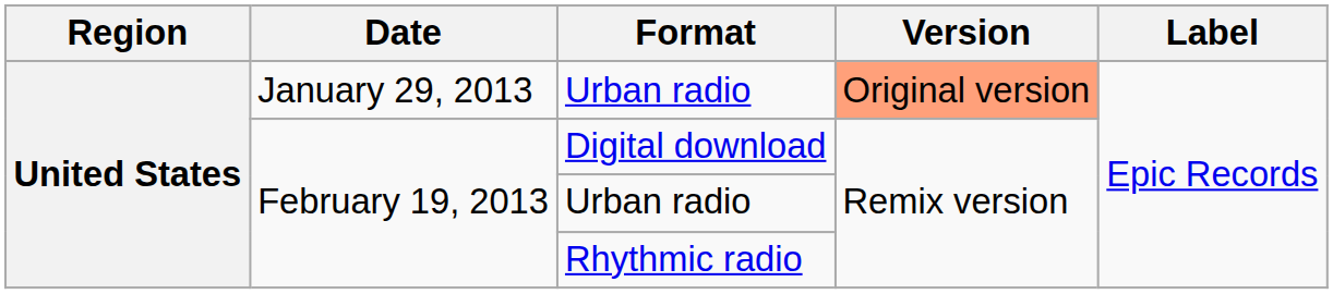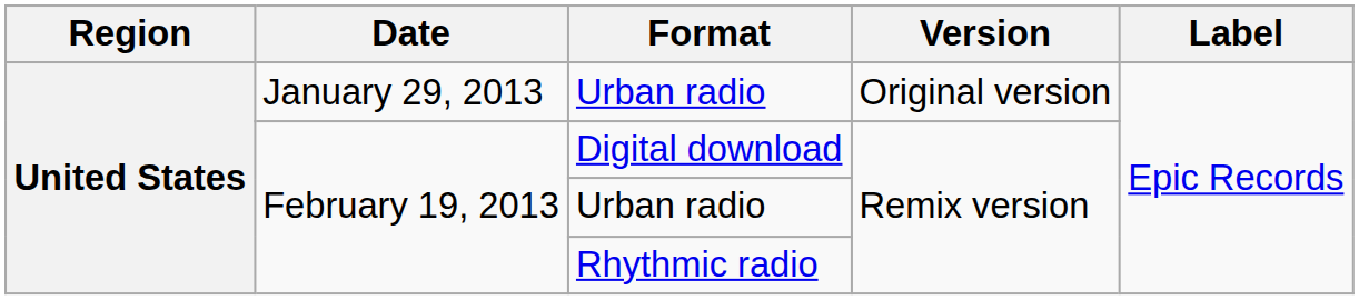 <table class="wikitable plainrowheaders">
 <tr>
 <th scope="col">Region</th>
 <th scope="col">Date</th>
 <th scope="col">Format</th>
 <th scope="col">Version</th>
 <th scope="col">Label</th>
 </tr>
 <tr>
 <th scope="row" rowspan="4">United States</th>
 <td>January 29, 2013</td>
 <td><a href='#'>Urban radio</a></td>
-<td style="background: lightsalmon;">Original version</td>
+<td>Original version</td>
 <td rowspan="4"><a href='#'>Epic Records</a></td>
 </tr>
 <tr>
 <td rowspan="3">February 19, 2013</td>
 <td><a href='#'>Digital download</a></td>
 <td rowspan="3">Remix version</td>
 </tr>
 <tr>
 <td>Urban radio</td>
 </tr>
 <tr>
 <td><a href='#'>Rhythmic radio</a></td>
 </tr>
 </table>
